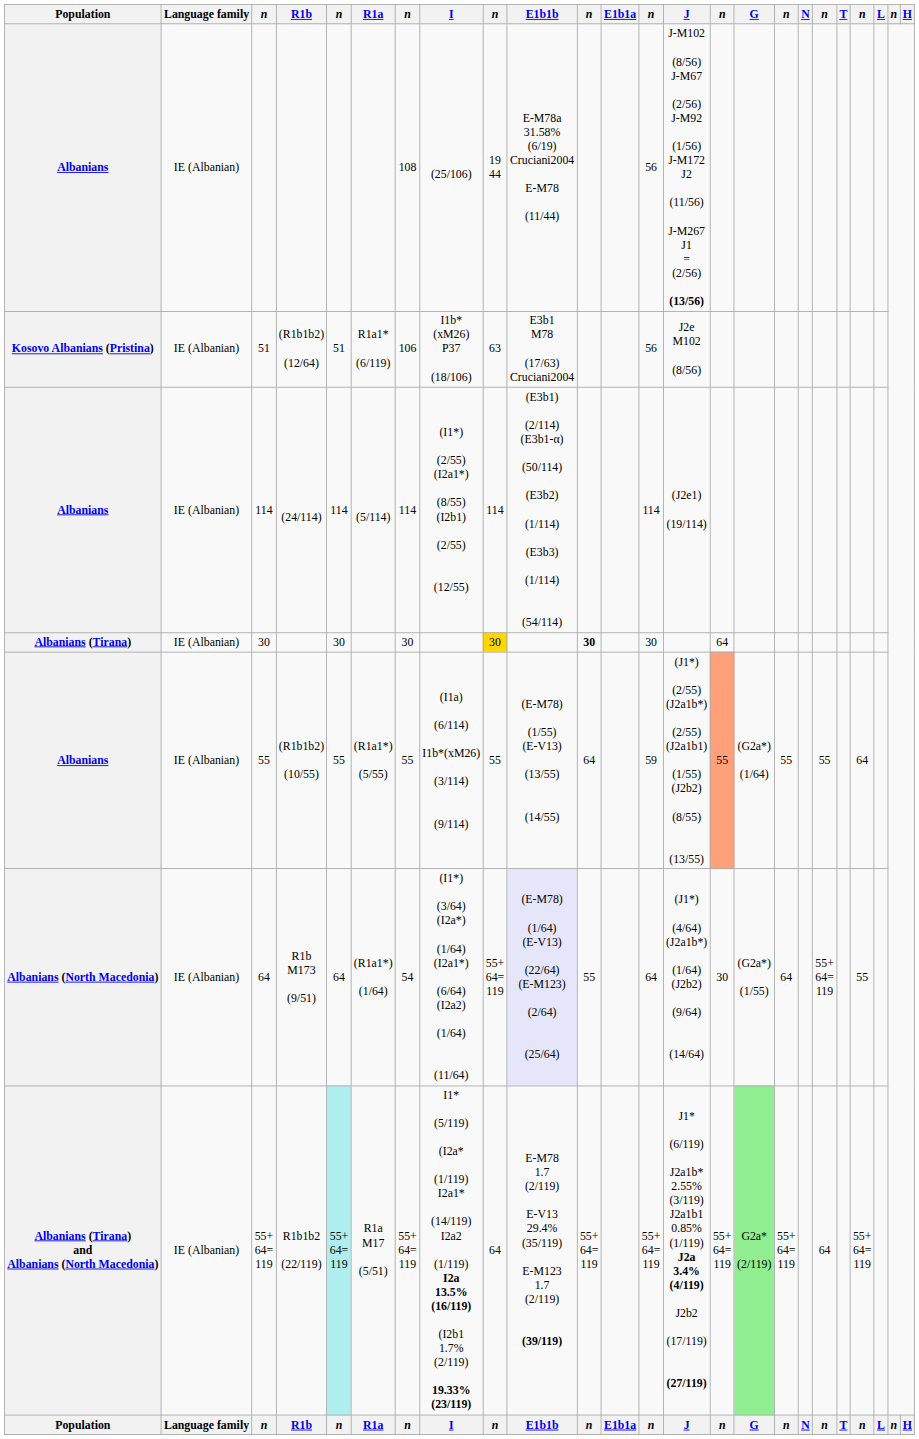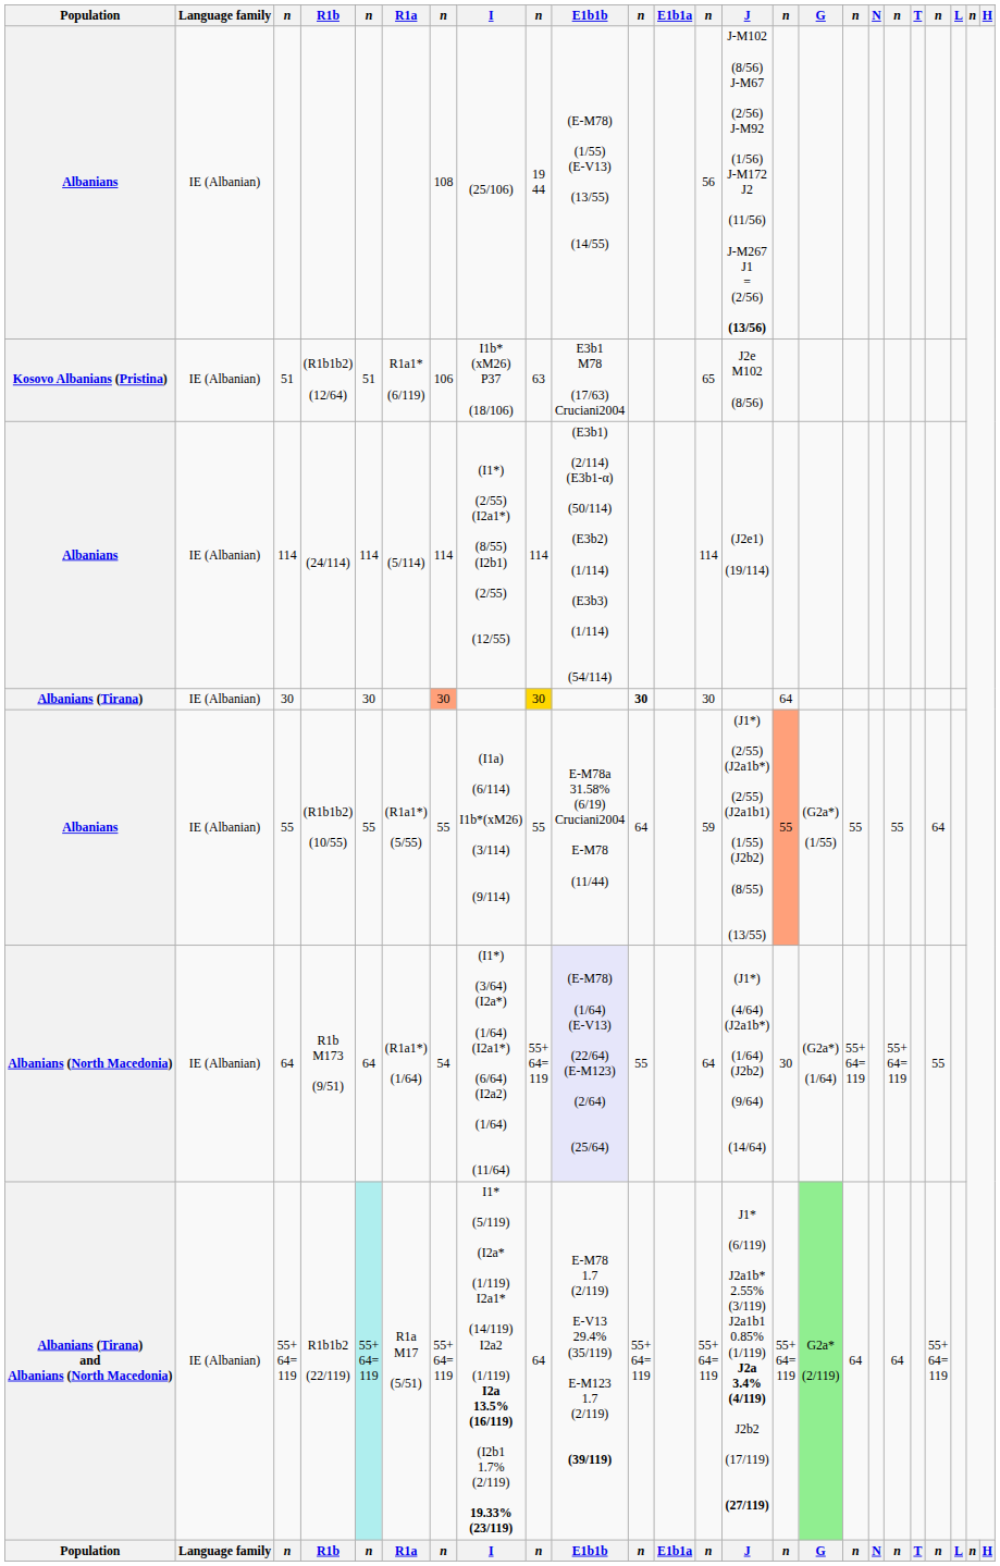 <table class="wikitable mw-collapsible mw-collapsed sortable" style="text-align:center; font-size: 84%">
 <tr>
 <th>Population</th>
 <th>Language family<br></th>
 <th><em>n</em><br></th>
 <th><a href='#'>R1b</a><br></th>
 <th><em>n</em></th>
 <th><a href='#'>R1a</a></th>
 <th><em>n</em></th>
 <th><a href='#'>I</a></th>
 <th><em>n</em></th>
 <th><a href='#'>E1b1b</a></th>
 <th><em>n</em></th>
 <th><a href='#'>E1b1a</a></th>
 <th><em>n</em></th>
 <th><a href='#'>J</a></th>
 <th><em>n</em></th>
 <th><a href='#'>G</a></th>
 <th><em>n</em></th>
 <th><a href='#'>N</a></th>
 <th><em>n</em></th>
 <th><a href='#'>T</a></th>
 <th><em>n</em></th>
 <th><a href='#'>L</a></th>
 <th><em>n</em></th>
 <th><a href='#'>H</a></th>
 </tr>
 <tr>
 <th><a href='#'>Albanians</a></th>
 <td>IE (Albanian)</td>
 <td></td>
 <td></td>
 <td></td>
 <td></td>
 <td>108</td>
 <td><br>(25/106)</td>
 <td>19<br>44</td>
-<td>E-M78a<br>31.58%<br>(6/19)<br>Cruciani2004<br><br>E-M78<br><br>(11/44)</td>
+<td>(E-M78)<br><br>(1/55)<br>(E-V13)<br><br>(13/55)<br><br><br>(14/55)</td>
 <td></td>
 <td></td>
 <td>56</td>
 <td>J-M102<br><br>(8/56)<br>J-M67<br><br>(2/56)<br>J-M92<br><br>(1/56)<br>J-M172<br>J2<br><br>(11/56)<br><br>J-M267<br>J1<br>=<br>(2/56)<br><br><strong>(13/56)</strong></td>
 <td></td>
 <td></td>
 <td></td>
 <td></td>
 <td></td>
 <td></td>
 <td></td>
 <td></td>
 </tr>
 <tr>
 <th><a href='#'>Kosovo Albanians</a> (<a href='#'>Pristina</a>)</th>
 <td>IE (Albanian)</td>
 <td>51</td>
 <td>(R1b1b2)<br><br>(12/64)</td>
 <td>51</td>
 <td>R1a1*<br><br>(6/119)</td>
 <td>106</td>
 <td>I1b*<br>(xM26)<br>P37<br><br>(18/106)</td>
 <td>63</td>
 <td>E3b1<br>M78<br><br>(17/63)<br>Cruciani2004</td>
 <td></td>
 <td></td>
-<td>56</td>
+<td>65</td>
 <td>J2e<br>M102<br><br>(8/56)</td>
 <td></td>
 <td></td>
 <td></td>
 <td></td>
 <td></td>
 <td></td>
 <td></td>
 <td></td>
 </tr>
 <tr>
 <th><a href='#'>Albanians</a></th>
 <td>IE (Albanian)</td>
 <td>114</td>
 <td><br>(24/114)</td>
 <td>114</td>
 <td><br>(5/114)</td>
 <td>114</td>
 <td>(I1*)<br><br>(2/55)<br>(I2a1*)<br><br>(8/55)<br>(I2b1)<br><br>(2/55)<br><br><br>(12/55)</td>
 <td>114</td>
 <td>(E3b1)<br><br>(2/114)<br>(E3b1-α)<br><br>(50/114)<br><br>(E3b2)<br><br>(1/114)<br><br>(E3b3)<br><br>(1/114)<br><br><br>(54/114)</td>
 <td></td>
 <td></td>
 <td>114</td>
 <td>(J2e1)<br><br>(19/114)</td>
 <td></td>
 <td></td>
 <td></td>
 <td></td>
 <td></td>
 <td></td>
 <td></td>
 <td></td>
 </tr>
 <tr>
 <th><a href='#'>Albanians</a> (<a href='#'>Tirana</a>)</th>
 <td>IE (Albanian)</td>
 <td>30</td>
 <td></td>
 <td>30</td>
 <td></td>
-<td>30</td>
+<td style="background: lightsalmon;">30</td>
 <td></td>
 <td style="background: gold;">30</td>
 <td></td>
 <td><strong>30</strong></td>
 <td></td>
 <td>30</td>
 <td></td>
 <td>64</td>
 <td></td>
 <td></td>
 <td></td>
 <td></td>
 <td></td>
 <td></td>
 <td></td>
 </tr>
 <tr>
 <th><a href='#'>Albanians</a></th>
 <td>IE (Albanian)</td>
 <td>55</td>
 <td>(R1b1b2)<br><br>(10/55)</td>
 <td>55</td>
 <td>(R1a1*)<br><br>(5/55)</td>
 <td>55</td>
 <td>(I1a)<br><br>(6/114)<br><br>I1b*(xM26)<br><br>(3/114)<br><br><br>(9/114)</td>
 <td>55</td>
-<td>(E-M78)<br><br>(1/55)<br>(E-V13)<br><br>(13/55)<br><br><br>(14/55)</td>
+<td>E-M78a<br>31.58%<br>(6/19)<br>Cruciani2004<br><br>E-M78<br><br>(11/44)</td>
 <td>64</td>
 <td></td>
 <td>59</td>
 <td>(J1*)<br><br>(2/55)<br>(J2a1b*)<br><br>(2/55)<br>(J2a1b1)<br><br>(1/55)<br>(J2b2)<br><br>(8/55)<br><br><br>(13/55)</td>
 <td style="background: lightsalmon;">55</td>
-<td>(G2a*)<br><br>(1/64)</td>
+<td>(G2a*)<br><br>(1/55)</td>
 <td>55</td>
 <td></td>
 <td>55</td>
 <td></td>
 <td>64</td>
 <td></td>
 </tr>
 <tr>
 <th><a href='#'>Albanians</a> (<a href='#'>North Macedonia</a>)</th>
 <td>IE (Albanian)</td>
 <td>64</td>
 <td>R1b<br>M173<br><br>(9/51)</td>
 <td>64</td>
 <td>(R1a1*)<br><br>(1/64)</td>
 <td>54</td>
 <td>(I1*)<br><br>(3/64)<br>(I2a*)<br><br>(1/64)<br>(I2a1*)<br><br>(6/64)<br>(I2a2)<br><br>(1/64)<br><br> <br>(11/64)</td>
 <td>55+<br>64=<br>119</td>
 <td style="background: lavender;">(E-M78)<br><br>(1/64)<br>(E-V13)<br><br>(22/64)<br>(E-M123)<br><br>(2/64)<br><br><br>(25/64)</td>
 <td>55</td>
 <td></td>
 <td>64</td>
 <td>(J1*)<br><br>(4/64)<br>(J2a1b*)<br><br>(1/64)<br>(J2b2)<br><br>(9/64)<br><br><br>(14/64)</td>
 <td>30</td>
-<td>(G2a*)<br><br>(1/55)</td>
-<td>64</td>
+<td>(G2a*)<br><br>(1/64)</td>
+<td>55+<br>64=<br>119</td>
 <td></td>
 <td>55+<br>64=<br>119</td>
 <td></td>
 <td>55</td>
 <td></td>
 </tr>
 <tr>
 <th><a href='#'>Albanians</a> (<a href='#'>Tirana</a>)<br>and<br><a href='#'>Albanians</a> (<a href='#'>North Macedonia</a>)</th>
 <td>IE (Albanian)</td>
 <td>55+<br>64=<br>119</td>
 <td>R1b1b2<br><br>(22/119)</td>
 <td style="background: paleturquoise;">55+<br>64=<br>119</td>
 <td>R1a<br>M17<br><br>(5/51)</td>
 <td>55+<br>64=<br>119</td>
 <td>I1*<br><br>(5/119)<br><br>(I2a*<br><br>(1/119)<br>I2a1*<br><br>(14/119)<br>I2a2<br><br>(1/119)<br><strong>I2a<br>13.5%<br>(16/119)</strong><br><br>(I2b1<br>1.7%<br>(2/119)<br><br><strong>19.33%<br>(23/119)</strong></td>
 <td>64</td>
 <td>E-M78<br>1.7<br>(2/119)<br><br>E-V13<br>29.4%<br>(35/119)<br><br>E-M123<br>1.7<br>(2/119)<br><br><strong><br>(39/119)</strong></td>
 <td>55+<br>64=<br>119</td>
 <td></td>
 <td>55+<br>64=<br>119</td>
 <td>J1*<br><br>(6/119)<br><br>J2a1b*<br>2.55%<br>(3/119)<br>J2a1b1<br>0.85%<br>(1/119)<br><strong>J2a<br>3.4%<br>(4/119)</strong><br><br>J2b2<br><br>(17/119)<br><br><strong><br>(27/119)</strong></td>
 <td>55+<br>64=<br>119</td>
 <td style="background: lightgreen;">G2a*<br><br>(2/119)</td>
-<td>55+<br>64=<br>119</td>
+<td>64</td>
 <td></td>
 <td>64</td>
 <td></td>
 <td>55+<br>64=<br>119</td>
 <td></td>
 </tr>
 <tr>
 <th>Population</th>
 <th>Language family<br></th>
 <th><em>n</em><br></th>
 <th><a href='#'>R1b</a><br></th>
 <th><em>n</em></th>
 <th><a href='#'>R1a</a></th>
 <th><em>n</em></th>
 <th><a href='#'>I</a></th>
 <th><em>n</em></th>
 <th><a href='#'>E1b1b</a></th>
 <th><em>n</em></th>
 <th><a href='#'>E1b1a</a></th>
 <th><em>n</em></th>
 <th><a href='#'>J</a></th>
 <th><em>n</em></th>
 <th><a href='#'>G</a></th>
 <th><em>n</em></th>
 <th><a href='#'>N</a></th>
 <th><em>n</em></th>
 <th><a href='#'>T</a></th>
 <th><em>n</em></th>
 <th><a href='#'>L</a></th>
 <th><em>n</em></th>
 <th><a href='#'>H</a></th>
 </tr>
 </table>
